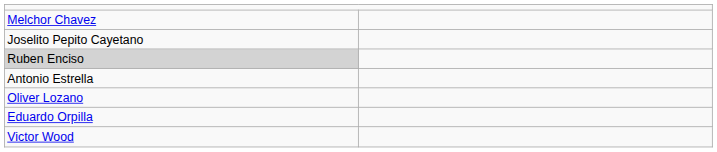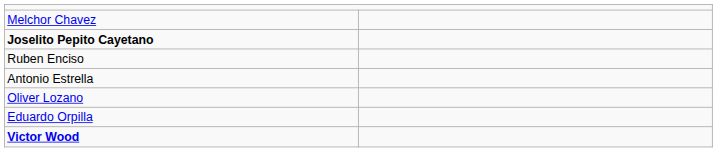 <table class=wikitable width=99% style="font-size:95%">
 <tr>
 <td colspan=4 bgcolor=></td>
 </tr>
 <tr>
 <td width=50%><a href='#'>Melchor Chavez</a></td>
 <td></td>
 </tr>
 <tr>
-<td>Joselito Pepito Cayetano</td>
+<td><strong>Joselito Pepito Cayetano</strong></td>
 <td></td>
 </tr>
 <tr>
-<td style="background: lightgrey;">Ruben Enciso</td>
+<td>Ruben Enciso</td>
 <td></td>
 </tr>
 <tr>
 <td>Antonio Estrella</td>
 <td></td>
 </tr>
 <tr>
 <td><a href='#'>Oliver Lozano</a></td>
 <td></td>
 </tr>
 <tr>
 <td><a href='#'>Eduardo Orpilla</a></td>
 <td></td>
 </tr>
 <tr>
-<td><a href='#'>Victor Wood</a></td>
+<td><strong><a href='#'>Victor Wood</a></strong></td>
 <td></td>
 </tr>
 </table>
